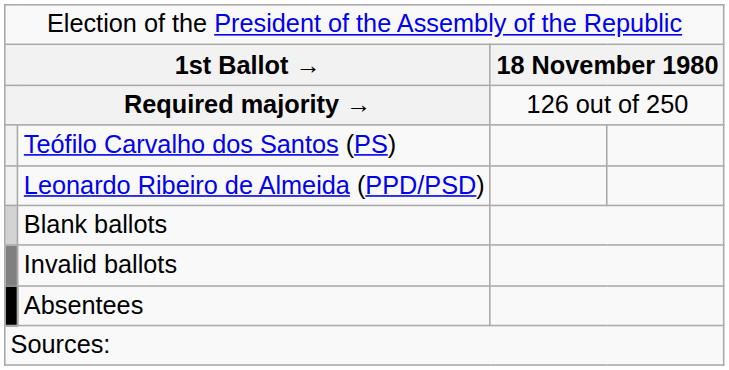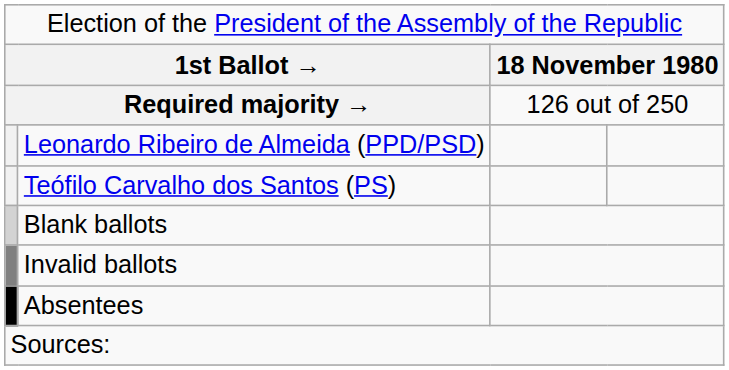 <table class="wikitable" style="text-align:center;">
 <tr>
 <td colspan="4" align="center">Election of the <a href='#'>President of the Assembly of the Republic</a></td>
 </tr>
 <tr>
 <th colspan="2" width="225px">1st Ballot →</th>
 <th colspan="2">18 November 1980</th>
 </tr>
 <tr>
 <th colspan="2">Required majority →</th>
 <td colspan="2">126 out of 250</td>
 </tr>
 <tr>
 <th width="1px" style="background:"></th>
-<td align="left"><a href='#'>Teófilo Carvalho dos Santos</a> (<a href='#'>PS</a>)</td>
+<td align="left"><a href='#'>Leonardo Ribeiro de Almeida</a> (<a href='#'>PPD/PSD</a>)</td>
 <td></td>
 <td></td>
 </tr>
 <tr>
 <th width="1px" style="background:"></th>
-<td align="left"><a href='#'>Leonardo Ribeiro de Almeida</a> (<a href='#'>PPD/PSD</a>)</td>
+<td align="left"><a href='#'>Teófilo Carvalho dos Santos</a> (<a href='#'>PS</a>)</td>
 <td></td>
 <td></td>
 </tr>
 <tr>
 <th style="background:lightgray;"></th>
 <td align="left">Blank ballots</td>
 <td colspan="2"></td>
 </tr>
 <tr>
 <th style="background:gray;"></th>
 <td align="left">Invalid ballots</td>
 <td colspan="2"></td>
 </tr>
 <tr>
 <th style="background:black;"></th>
 <td align="left">Absentees</td>
 <td colspan="2"></td>
 </tr>
 <tr>
 <td align="left" colspan="4">Sources: </td>
 </tr>
 </table>
